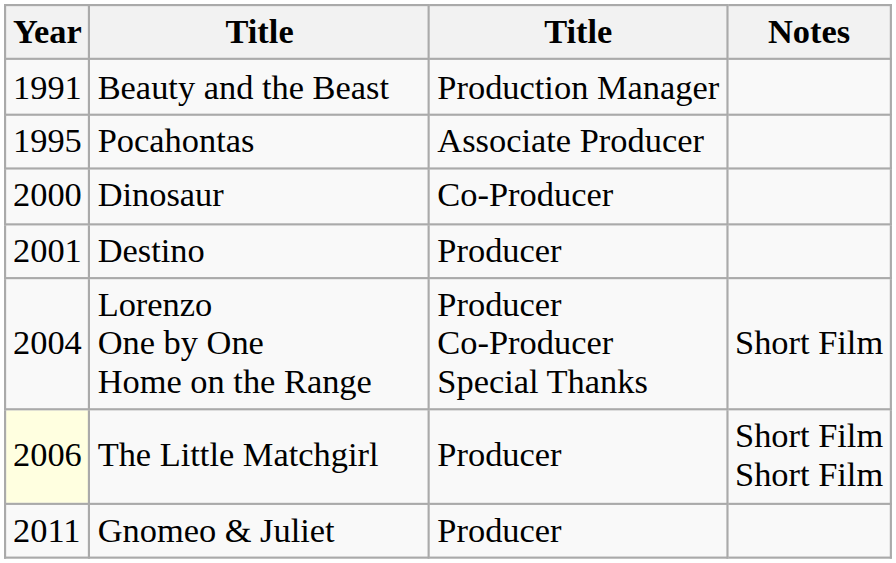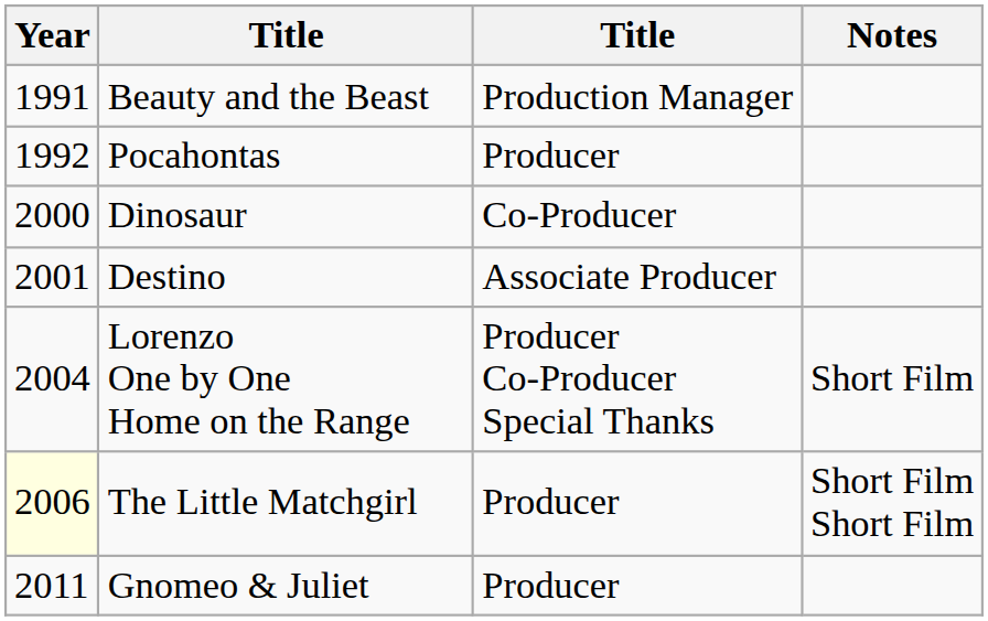 <table class="wikitable">
 <tr>
 <th>Year</th>
 <th>Title</th>
 <th>Title</th>
 <th>Notes</th>
 </tr>
 <tr>
 <td>1991</td>
 <td>Beauty and the Beast</td>
 <td>Production Manager</td>
 <td></td>
 </tr>
 <tr>
-<td>1995</td>
+<td>1992</td>
 <td>Pocahontas</td>
-<td>Associate Producer</td>
+<td>Producer</td>
 <td></td>
 </tr>
 <tr>
 <td>2000</td>
 <td>Dinosaur</td>
 <td>Co-Producer</td>
 <td></td>
 </tr>
 <tr>
 <td>2001</td>
 <td>Destino</td>
-<td>Producer</td>
+<td>Associate Producer</td>
 <td></td>
 </tr>
 <tr>
 <td>2004</td>
 <td>Lorenzo<br>One by One<br> Home on the Range   </td>
 <td>Producer<br>Co-Producer<br> Special Thanks</td>
 <td>Short Film</td>
 </tr>
 <tr>
 <td style="background: lightyellow;">2006</td>
 <td>The Little Matchgirl     </td>
 <td>Producer</td>
 <td>Short Film<br>Short Film</td>
 </tr>
 <tr>
 <td>2011</td>
 <td>Gnomeo & Juliet</td>
 <td>Producer</td>
 <td></td>
 </tr>
 </table>
